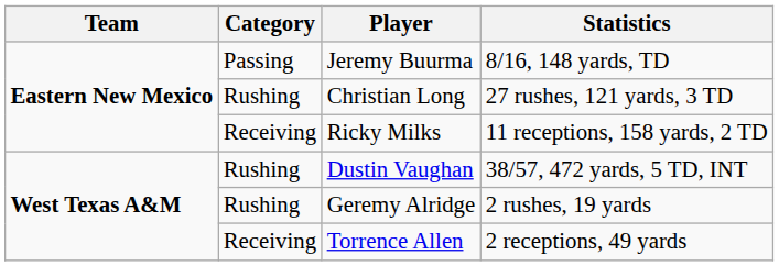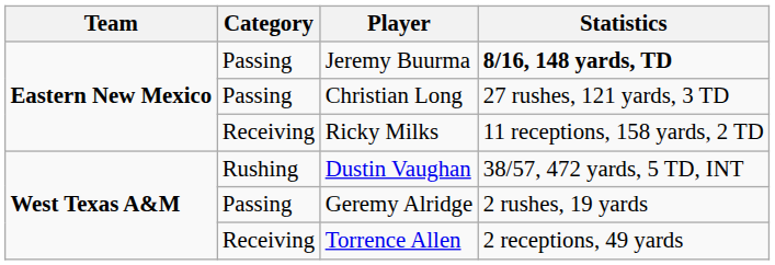 <table class="wikitable" style="float: left;">
 <tr>
 <th>Team</th>
 <th>Category</th>
 <th>Player</th>
 <th>Statistics</th>
 </tr>
 <tr>
 <td rowspan=3><strong>Eastern New Mexico</strong></td>
 <td>Passing</td>
 <td>Jeremy Buurma</td>
-<td>8/16, 148 yards, TD</td>
+<td><strong>8/16, 148 yards, TD</strong></td>
 </tr>
 <tr>
-<td>Rushing</td>
+<td>Passing</td>
 <td>Christian Long</td>
 <td>27 rushes, 121 yards, 3 TD</td>
 </tr>
 <tr>
 <td>Receiving</td>
 <td>Ricky Milks</td>
 <td>11 receptions, 158 yards, 2 TD</td>
 </tr>
 <tr>
 <td rowspan=3><strong>West Texas A&M</strong></td>
 <td>Rushing</td>
 <td><a href='#'>Dustin Vaughan</a></td>
 <td>38/57, 472 yards, 5 TD, INT</td>
 </tr>
 <tr>
-<td>Rushing</td>
+<td>Passing</td>
 <td>Geremy Alridge</td>
 <td>2 rushes, 19 yards</td>
 </tr>
 <tr>
 <td>Receiving</td>
 <td><a href='#'>Torrence Allen</a></td>
 <td>2 receptions, 49 yards</td>
 </tr>
 </table>
